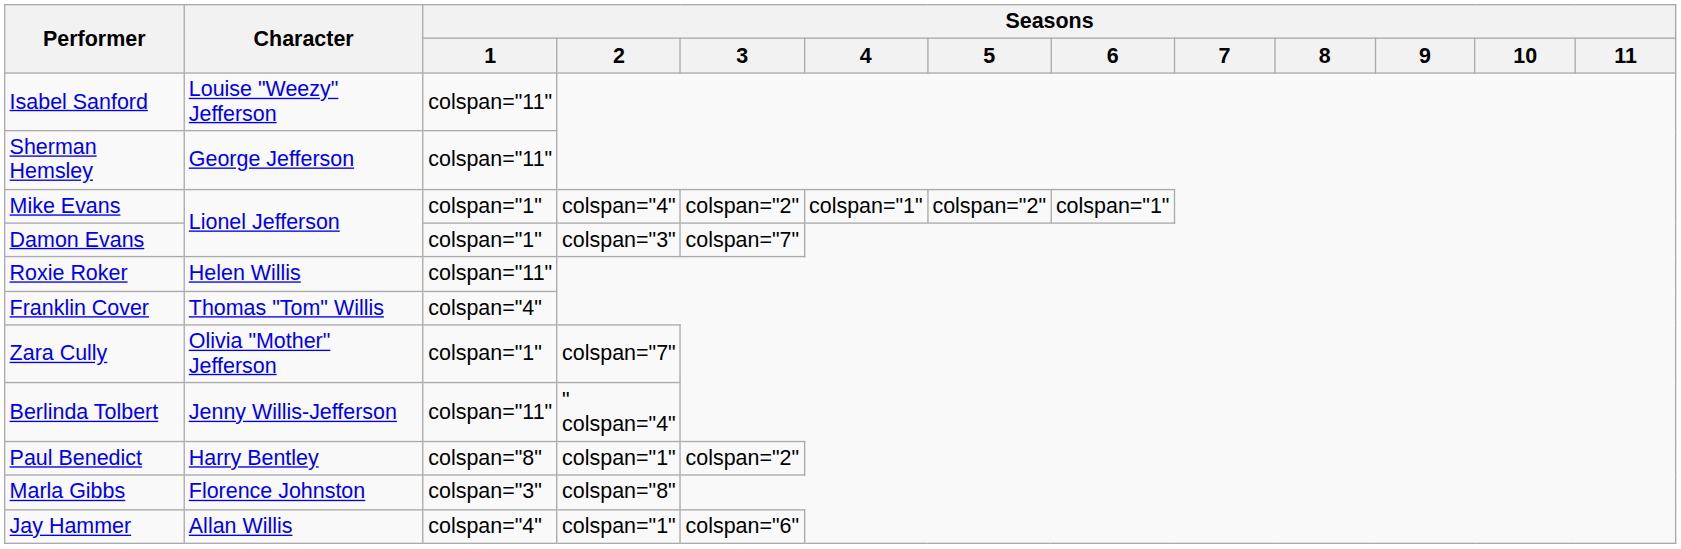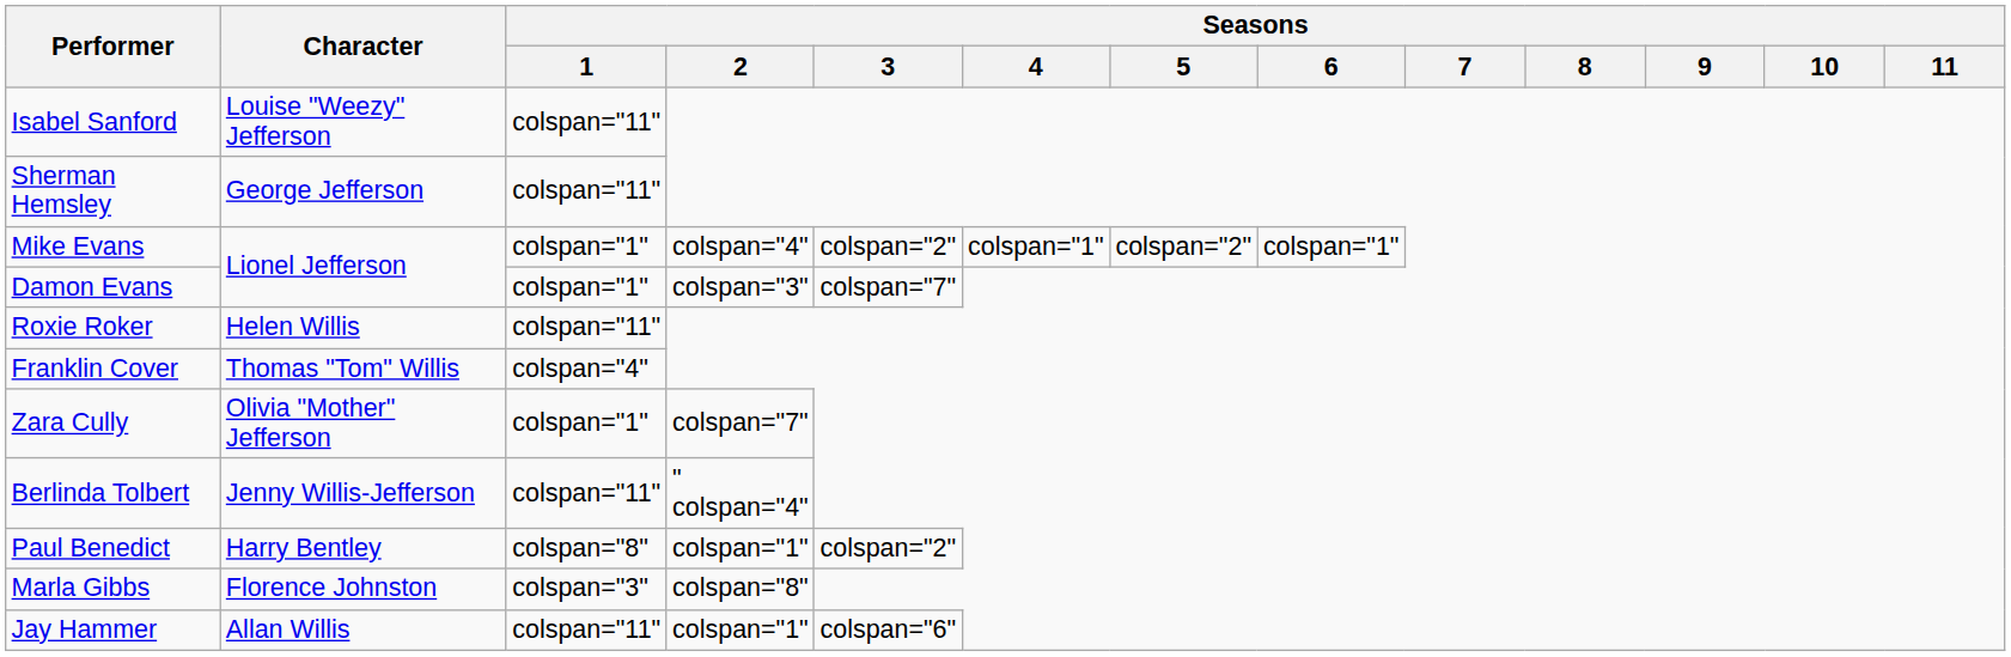 <table class="wikitable">
 <tr>
 <th rowspan="2">Performer</th>
 <th rowspan="2">Character</th>
 <th colspan="11">Seasons</th>
 </tr>
 <tr>
 <th width="6%">1</th>
 <th width="6%">2</th>
 <th width="6%">3</th>
 <th width="6%">4</th>
 <th width="6%">5</th>
 <th width="6%">6</th>
 <th width="6%">7</th>
 <th width="6%">8</th>
 <th width="6%">9</th>
 <th width="6%">10</th>
 <th width="6%">11</th>
 </tr>
 <tr>
 <td><a href='#'>Isabel Sanford</a></td>
 <td><a href='#'>Louise "Weezy" Jefferson</a></td>
 <td>colspan="11" </td>
 </tr>
 <tr>
 <td><a href='#'>Sherman Hemsley</a></td>
 <td><a href='#'>George Jefferson</a></td>
 <td>colspan="11" </td>
 </tr>
 <tr>
 <td><a href='#'>Mike Evans</a></td>
 <td rowspan=2><a href='#'>Lionel Jefferson</a></td>
 <td>colspan="1" </td>
 <td>colspan="4" </td>
 <td>colspan="2" </td>
 <td>colspan="1" </td>
 <td>colspan="2" </td>
 <td>colspan="1" </td>
 </tr>
 <tr>
 <td><a href='#'>Damon Evans</a></td>
 <td>colspan="1" </td>
 <td>colspan="3" </td>
 <td>colspan="7" </td>
 </tr>
 <tr>
 <td><a href='#'>Roxie Roker</a></td>
 <td><a href='#'>Helen Willis</a></td>
 <td>colspan="11" </td>
 </tr>
 <tr>
 <td><a href='#'>Franklin Cover</a></td>
 <td><a href='#'>Thomas "Tom" Willis</a></td>
 <td>colspan="4" </td>
 </tr>
 <tr>
 <td><a href='#'>Zara Cully</a></td>
 <td><a href='#'>Olivia "Mother" Jefferson</a></td>
 <td>colspan="1" </td>
 <td>colspan="7" </td>
 </tr>
 <tr>
 <td><a href='#'>Berlinda Tolbert</a></td>
 <td><a href='#'>Jenny Willis-Jefferson</a></td>
 <td>colspan="11" </td>
 <td>" colspan="4" </td>
 </tr>
 <tr>
 <td><a href='#'>Paul Benedict</a></td>
 <td><a href='#'>Harry Bentley</a></td>
 <td>colspan="8" </td>
 <td>colspan="1" </td>
 <td>colspan="2" </td>
 </tr>
 <tr>
 <td><a href='#'>Marla Gibbs</a></td>
 <td><a href='#'>Florence Johnston</a></td>
 <td>colspan="3" </td>
 <td>colspan="8" </td>
 </tr>
 <tr>
 <td><a href='#'>Jay Hammer</a></td>
 <td><a href='#'>Allan Willis</a></td>
-<td>colspan="4" </td>
+<td>colspan="11" </td>
 <td>colspan="1" </td>
 <td>colspan="6" </td>
 </tr>
 </table>
